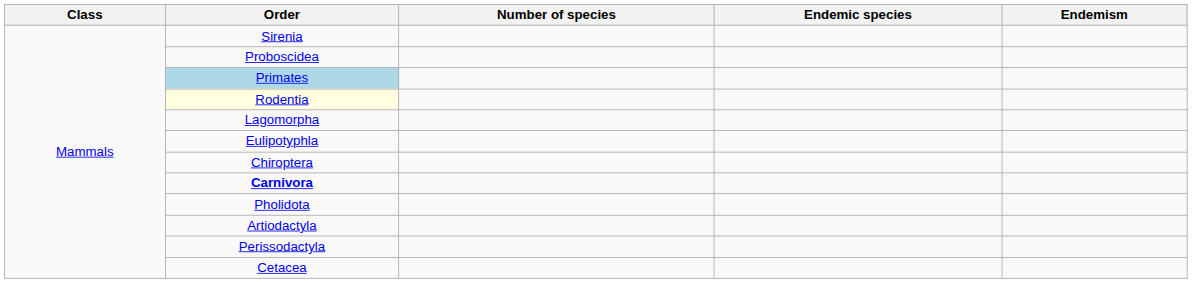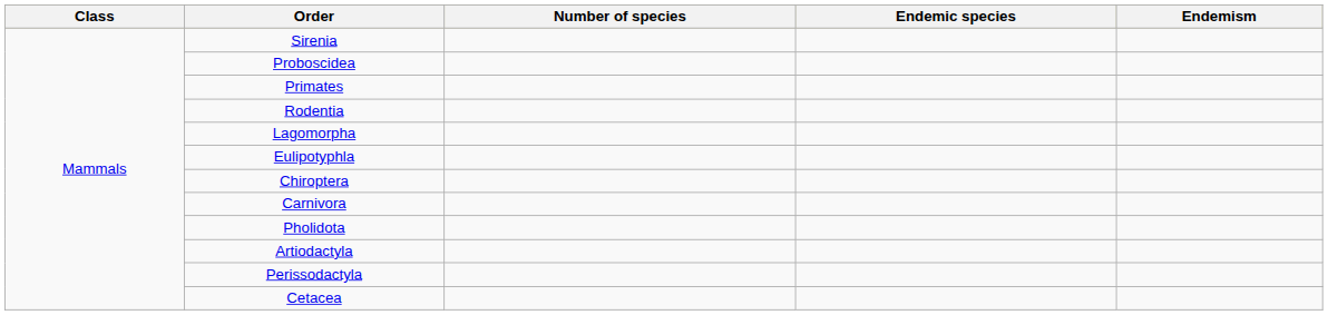 <table class="wikitable" style="width:90%;">
 <tr style="background:#bdb76b;">
 <th>Class</th>
 <th>Order</th>
 <th>Number of species</th>
 <th>Endemic species</th>
 <th>Endemism</th>
 </tr>
 <tr>
 <td rowspan=13 style="text-align:center;"><a href='#'>Mammals</a></td>
 <td style="text-align:center;"><a href='#'>Sirenia</a></td>
 <td></td>
 <td></td>
 <td></td>
 </tr>
 <tr>
 <td style="text-align:center;"><a href='#'>Proboscidea</a></td>
 <td></td>
 <td></td>
 <td></td>
 </tr>
 <tr>
-<td style="background: lightblue; text-align:center;"><a href='#'>Primates</a></td>
+<td style="text-align:center;"><a href='#'>Primates</a></td>
 <td></td>
 <td></td>
 <td></td>
 </tr>
 <tr>
-<td style="background: lightyellow; text-align:center;"><a href='#'>Rodentia</a></td>
+<td style="text-align:center;"><a href='#'>Rodentia</a></td>
 <td></td>
 <td></td>
 <td></td>
 </tr>
 <tr>
 <td style="text-align:center;"><a href='#'>Lagomorpha</a></td>
 <td></td>
 <td></td>
 <td></td>
 </tr>
 <tr>
 <td style="text-align:center;"><a href='#'>Eulipotyphla</a></td>
 <td></td>
 <td></td>
 <td></td>
 </tr>
 <tr>
 <td style="text-align:center;"><a href='#'>Chiroptera</a></td>
 <td></td>
 <td></td>
 <td></td>
 </tr>
 <tr>
-<td style="text-align:center;"><strong><a href='#'>Carnivora</a></strong></td>
+<td style="text-align:center;"><a href='#'>Carnivora</a></td>
 <td></td>
 <td></td>
 <td></td>
 </tr>
 <tr>
 <td style="text-align:center;"><a href='#'>Pholidota</a></td>
 <td></td>
 <td></td>
 <td></td>
 </tr>
 <tr>
 <td style="text-align:center;"><a href='#'>Artiodactyla</a></td>
 <td></td>
 <td></td>
 <td></td>
 </tr>
 <tr>
 <td style="text-align:center;"><a href='#'>Perissodactyla</a></td>
 <td></td>
 <td></td>
 <td></td>
 </tr>
 <tr>
 <td style="text-align:center;"><a href='#'>Cetacea</a></td>
 <td></td>
 <td></td>
 <td></td>
 </tr>
 </table>
